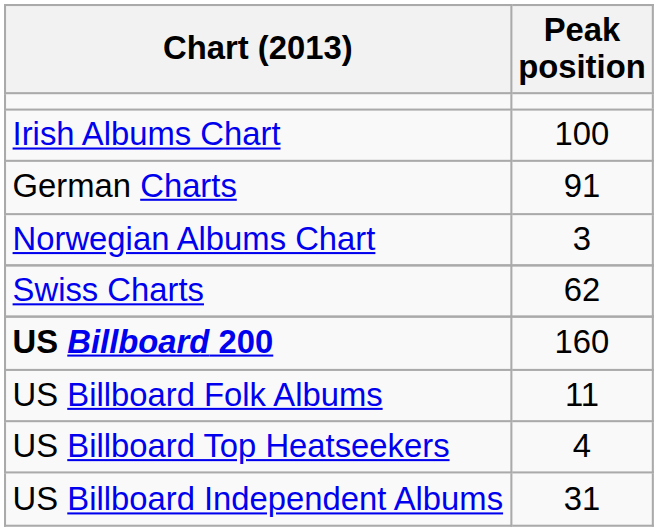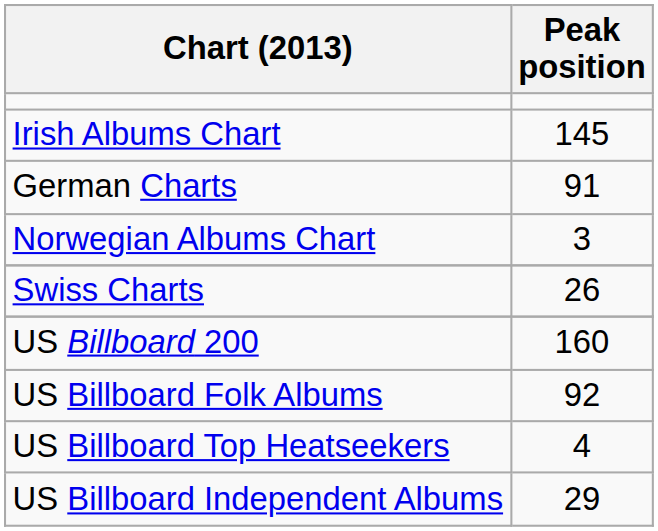 <table class="wikitable sortable">
 <tr>
 <th>Chart (2013)</th>
 <th>Peak<br>position</th>
 </tr>
 <tr>
 <td></td>
 </tr>
 <tr>
 <td><a href='#'>Irish Albums Chart</a></td>
-<td style="text-align:center;">100</td>
+<td style="text-align:center;">145</td>
 </tr>
 <tr>
 <td>German <a href='#'>Charts</a></td>
 <td style="text-align:center;">91</td>
 </tr>
 <tr>
 <td><a href='#'>Norwegian Albums Chart</a></td>
 <td style="text-align:center;">3</td>
 </tr>
 <tr>
 </tr>
 <tr>
 <td><a href='#'>Swiss Charts</a></td>
-<td style="text-align:center;">62</td>
+<td style="text-align:center;">26</td>
 </tr>
 <tr>
 </tr>
 <tr>
-<td><strong>US <a href='#'><em>Billboard</em> 200</a></strong></td>
+<td>US <a href='#'><em>Billboard</em> 200</a></td>
 <td style="text-align:center;">160</td>
 </tr>
 <tr>
 <td>US <a href='#'>Billboard Folk Albums</a></td>
-<td style="text-align:center;">11</td>
+<td style="text-align:center;">92</td>
 </tr>
 <tr>
 <td>US <a href='#'>Billboard Top Heatseekers</a></td>
 <td style="text-align:center;">4</td>
 </tr>
 <tr>
 <td>US <a href='#'>Billboard Independent Albums</a></td>
-<td style="text-align:center;">31</td>
+<td style="text-align:center;">29</td>
 </tr>
 </table>
